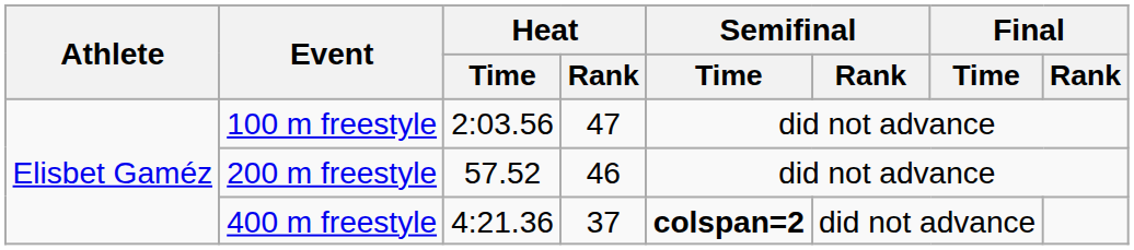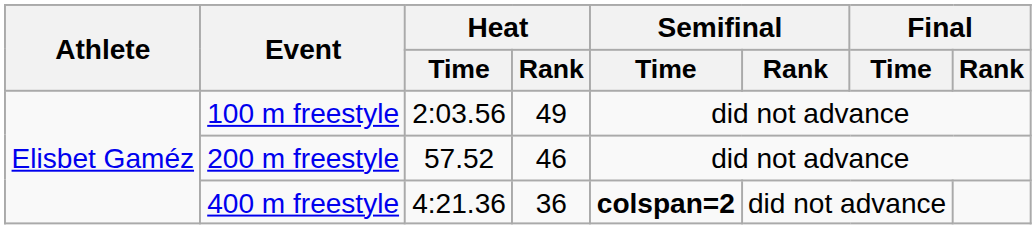 <table class=wikitable style="font-size:90%">
 <tr>
 <th rowspan="2">Athlete</th>
 <th rowspan="2">Event</th>
 <th colspan="2">Heat</th>
 <th colspan="2">Semifinal</th>
 <th colspan="2">Final</th>
 </tr>
 <tr style="font-size:95%">
 <th>Time</th>
 <th>Rank</th>
 <th>Time</th>
 <th>Rank</th>
 <th>Time</th>
 <th>Rank</th>
 </tr>
 <tr align=center>
 <td align=left rowspan=3><a href='#'>Elisbet Gaméz</a></td>
 <td align=left><a href='#'>100 m freestyle</a></td>
 <td>2:03.56</td>
-<td>47</td>
+<td>49</td>
 <td colspan=4>did not advance</td>
 </tr>
 <tr align=center>
 <td align=left><a href='#'>200 m freestyle</a></td>
 <td>57.52</td>
 <td>46</td>
 <td colspan=4>did not advance</td>
 </tr>
 <tr align=center>
 <td align=left><a href='#'>400 m freestyle</a></td>
 <td>4:21.36</td>
-<td>37</td>
+<td>36</td>
 <td><strong>colspan=2 </strong></td>
 <td colspan=2>did not advance</td>
 </tr>
 </table>
